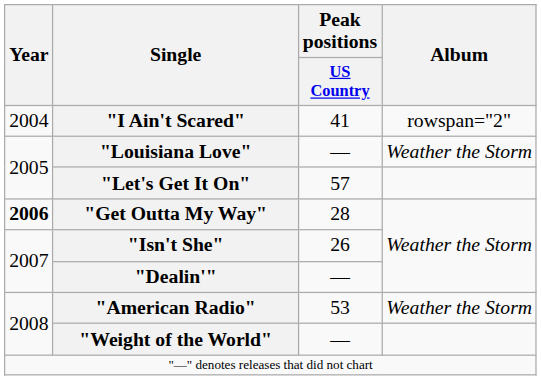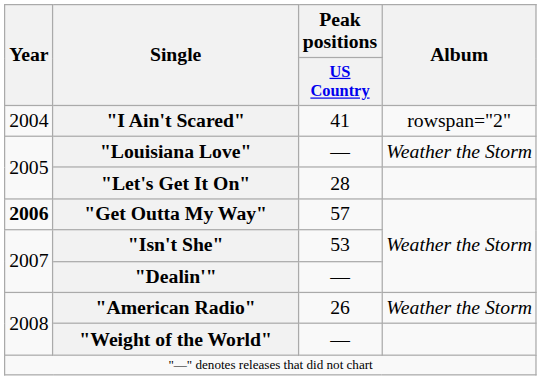 <table class="wikitable plainrowheaders" style="text-align:center;">
 <tr>
 <th rowspan="2">Year</th>
 <th rowspan="2" style="width:12em;">Single</th>
 <th colspan="1">Peak positions</th>
 <th rowspan="2">Album</th>
 </tr>
 <tr style="font-size:smaller;">
 <th width="60"><a href='#'>US Country</a><br></th>
 </tr>
 <tr>
 <td>2004</td>
 <th scope="row">"I Ain't Scared"</th>
 <td>41</td>
 <td>rowspan="2" </td>
 </tr>
 <tr>
 <td rowspan="2">2005</td>
 <th scope="row">"Louisiana Love"</th>
 <td>—</td>
 <td align="left"><em>Weather the Storm</em></td>
 </tr>
 <tr>
 <th scope="row">"Let's Get It On"</th>
-<td>57</td>
+<td>28</td>
 </tr>
 <tr>
 <td><strong>2006</strong></td>
 <th scope="row">"Get Outta My Way"</th>
-<td>28</td>
+<td>57</td>
 <td align="left" rowspan="3"><em>Weather the Storm</em></td>
 </tr>
 <tr>
 <td rowspan="2">2007</td>
 <th scope="row">"Isn't She"</th>
-<td>26</td>
+<td>53</td>
 </tr>
 <tr>
 <th scope="row">"Dealin'"</th>
 <td>—</td>
 </tr>
 <tr>
 <td rowspan="2">2008</td>
 <th scope="row">"American Radio"</th>
-<td>53</td>
+<td>26</td>
 <td align="left"><em>Weather the Storm</em></td>
 </tr>
 <tr>
 <th scope="row">"Weight of the World"</th>
 <td>—</td>
 </tr>
 <tr>
 <td colspan="4" style="font-size:8pt">"—" denotes releases that did not chart</td>
 </tr>
 </table>
